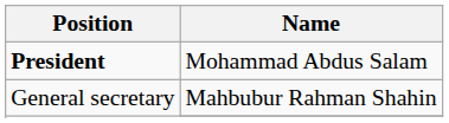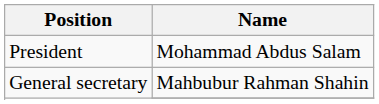 <table class="wikitable">
 <tr>
 <th>Position</th>
 <th>Name</th>
 </tr>
 <tr>
-<td><strong>President</strong></td>
+<td>President</td>
 <td> Mohammad Abdus Salam</td>
 </tr>
 <tr>
 <td rowspan=2>General secretary</td>
 <td> Mahbubur Rahman Shahin</td>
 </tr>
 <tr>
 </tr>
 </table>
